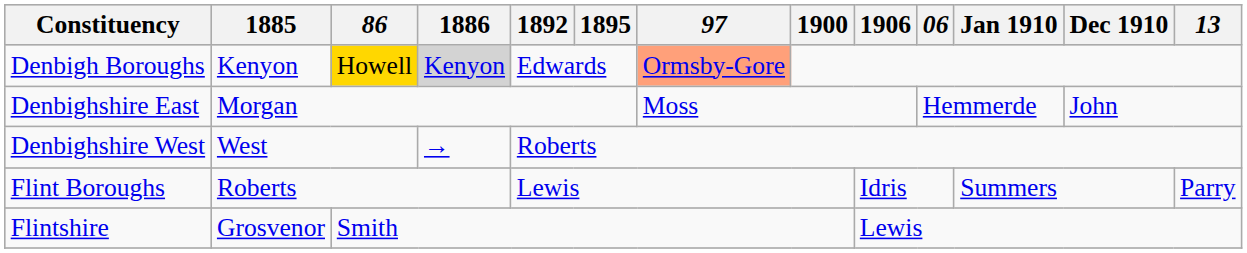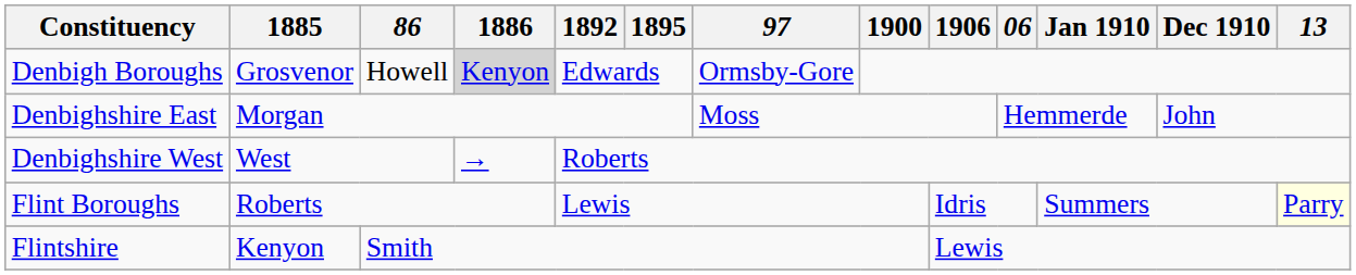 <table class="wikitable">
 <tr>
 <th>Constituency</th>
 <th>1885</th>
 <th><em>86</em></th>
 <th>1886</th>
 <th>1892</th>
 <th>1895</th>
 <th><em>97</em></th>
 <th>1900</th>
 <th>1906</th>
 <th><em>06</em></th>
 <th>Jan 1910</th>
 <th>Dec 1910</th>
 <th><em>13</em></th>
 </tr>
 <tr>
 <td><a href='#'>Denbigh Boroughs</a></td>
-<td><a href='#'>Kenyon</a></td>
-<td style="background: gold;">Howell</td>
+<td><a href='#'>Grosvenor</a></td>
+<td>Howell</td>
 <td style="background: lightgrey;"><a href='#'>Kenyon</a></td>
 <td colspan="2"><a href='#'>Edwards</a></td>
-<td style="background: lightsalmon;"><a href='#'>Ormsby-Gore</a></td>
+<td><a href='#'>Ormsby-Gore</a></td>
 </tr>
 <tr>
 <td><a href='#'>Denbighshire East</a></td>
 <td colspan="5"><a href='#'>Morgan</a></td>
 <td colspan="3"><a href='#'>Moss</a></td>
 <td colspan="2"><a href='#'>Hemmerde</a></td>
 <td colspan="2"><a href='#'>John</a></td>
 </tr>
 <tr>
 <td><a href='#'>Denbighshire West</a></td>
 <td colspan="2"><a href='#'>West</a></td>
 <td><a href='#'>→</a></td>
 <td colspan="9"><a href='#'>Roberts</a></td>
 </tr>
 <tr>
 <td><a href='#'>Flint Boroughs</a></td>
 <td colspan="3"><a href='#'>Roberts</a></td>
 <td colspan="4"><a href='#'>Lewis</a></td>
 <td colspan="2"><a href='#'>Idris</a></td>
 <td colspan="2"><a href='#'>Summers</a></td>
-<td><a href='#'>Parry</a></td>
+<td style="background: lightyellow;"><a href='#'>Parry</a></td>
 </tr>
 <tr>
 <td><a href='#'>Flintshire</a></td>
-<td><a href='#'>Grosvenor</a></td>
+<td><a href='#'>Kenyon</a></td>
 <td colspan="6"><a href='#'>Smith</a></td>
 <td colspan="5"><a href='#'>Lewis</a></td>
 </tr>
 </table>
